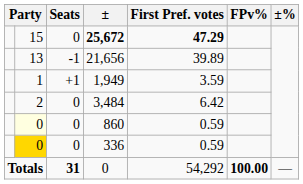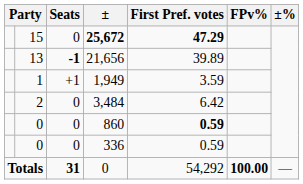 <table class=wikitable>
 <tr>
 <th colspan=2 align=center>Party</th>
 <th valign=top>Seats</th>
 <th valign=top>±</th>
 <th valign=top>First Pref. votes</th>
 <th valign=top>FPv%</th>
 <th valign=top>±%</th>
 </tr>
 <tr>
 <td></td>
 <td align=right>15</td>
 <td align=right>0</td>
 <td align=right><strong>25,672</strong></td>
 <td align=right><strong>47.29</strong></td>
 <td align=right></td>
 </tr>
 <tr>
 <td></td>
 <td align=right>13</td>
-<td align=right>-1</td>
+<td align=right><strong>-1</strong></td>
 <td align=right>21,656</td>
 <td align=right>39.89</td>
 <td align=right></td>
 </tr>
 <tr>
 <td></td>
 <td align=right>1</td>
 <td align=right>+1</td>
 <td align=right>1,949</td>
 <td align=right>3.59</td>
 <td align=right></td>
 </tr>
 <tr>
 <td></td>
 <td align=right>2</td>
 <td align=right>0</td>
 <td align=right>3,484</td>
 <td align=right>6.42</td>
 <td align=right></td>
 </tr>
 <tr>
 <td></td>
-<td align=right style="background: lightyellow;">0</td>
+<td align=right>0</td>
 <td align=right>0</td>
 <td align=right>860</td>
-<td align=right>0.59</td>
+<td align=right><strong>0.59</strong></td>
 <td align=right></td>
 </tr>
 <tr>
 <td></td>
-<td align=right style="background: gold;">0</td>
+<td align=right>0</td>
 <td align=right>0</td>
 <td align=right>336</td>
 <td align=right>0.59</td>
 <td align=right></td>
 </tr>
 <tr>
 <td colspan=2 align=center><strong>Totals</strong></td>
 <td align=right><strong>31</strong></td>
 <td align=center>0</td>
 <td align=right>54,292</td>
 <td align=center><strong>100.00</strong></td>
 <td align=center>—</td>
 </tr>
 </table>
